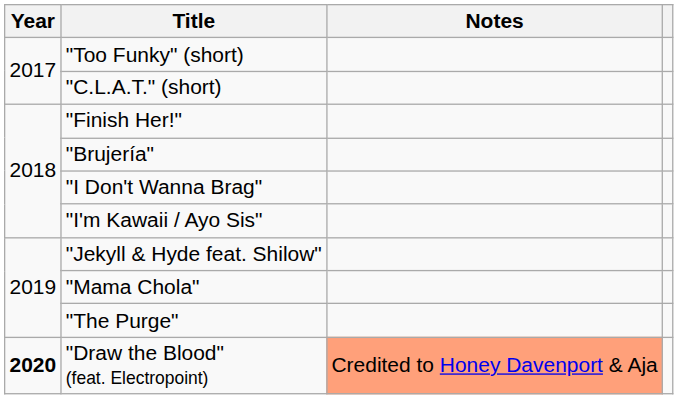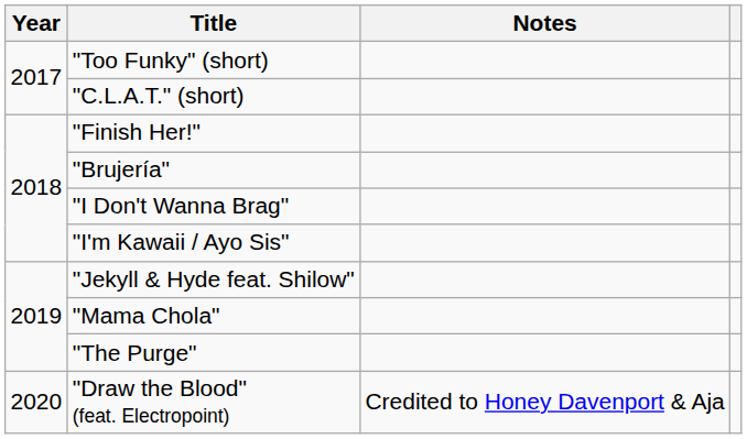 <table class="wikitable plainrowheaders sortable">
 <tr>
 <th>Year</th>
 <th>Title</th>
 <th class="unsortable">Notes</th>
 <th rowspan="1"  style="text-align: center;" class="unsortable"></th>
 </tr>
 <tr>
 <td rowspan="2">2017</td>
 <td>"Too Funky" (short)</td>
 <td></td>
 <td style="text-align: center;"></td>
 </tr>
 <tr>
 <td>"C.L.A.T." (short)</td>
 <td></td>
 <td style="text-align: center;"></td>
 </tr>
 <tr>
 <td rowspan="4">2018</td>
 <td>"Finish Her!"</td>
 <td></td>
 <td style="text-align: center;"></td>
 </tr>
 <tr>
 <td>"Brujería"</td>
 <td></td>
 <td style="text-align: center;"></td>
 </tr>
 <tr>
 <td>"I Don't Wanna Brag"</td>
 <td></td>
 <td style="text-align: center;"></td>
 </tr>
 <tr>
 <td>"I'm Kawaii / Ayo Sis"</td>
 <td></td>
 <td style="text-align: center;"></td>
 </tr>
 <tr>
 <td rowspan="3">2019</td>
 <td>"Jekyll & Hyde feat. Shilow"</td>
 <td></td>
 <td style="text-align: center;"></td>
 </tr>
 <tr>
 <td>"Mama Chola"</td>
 <td></td>
 <td style="text-align: center;"></td>
 </tr>
 <tr>
 <td>"The Purge"</td>
 <td></td>
 <td style="text-align: center;"></td>
 </tr>
 <tr>
-<td rowspan="1"><strong>2020</strong></td>
+<td rowspan="1">2020</td>
 <td>"Draw the Blood"<br><small>(feat. Electropoint)</small></td>
-<td rowspan="1" style="background: lightsalmon;">Credited to <a href='#'>Honey Davenport</a> & Aja</td>
+<td rowspan="1">Credited to <a href='#'>Honey Davenport</a> & Aja</td>
 <td style="text-align: center;"></td>
 </tr>
 </table>
